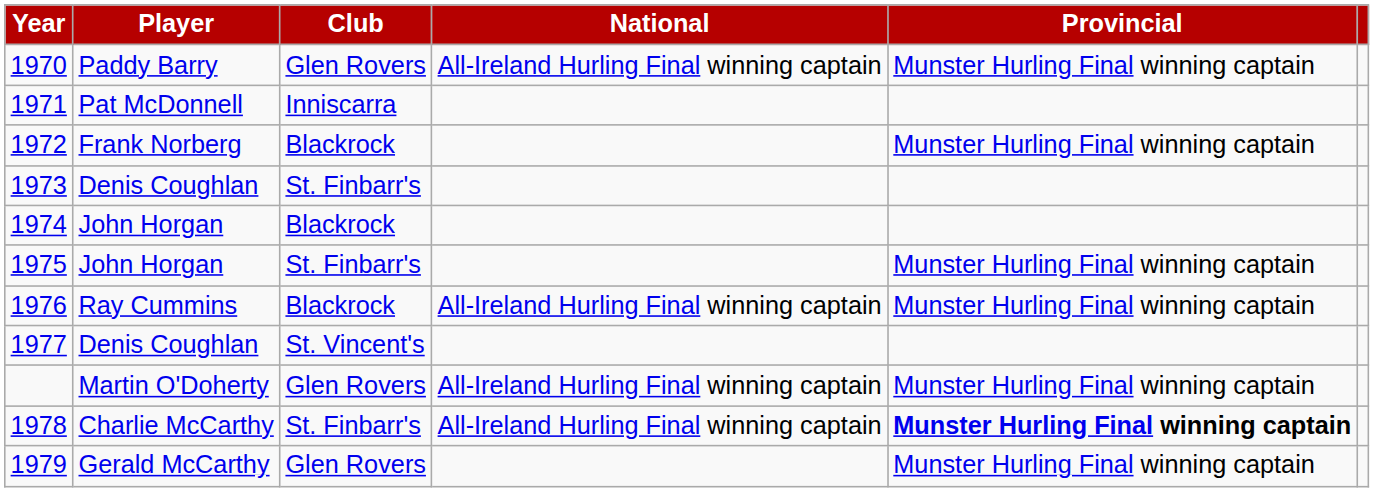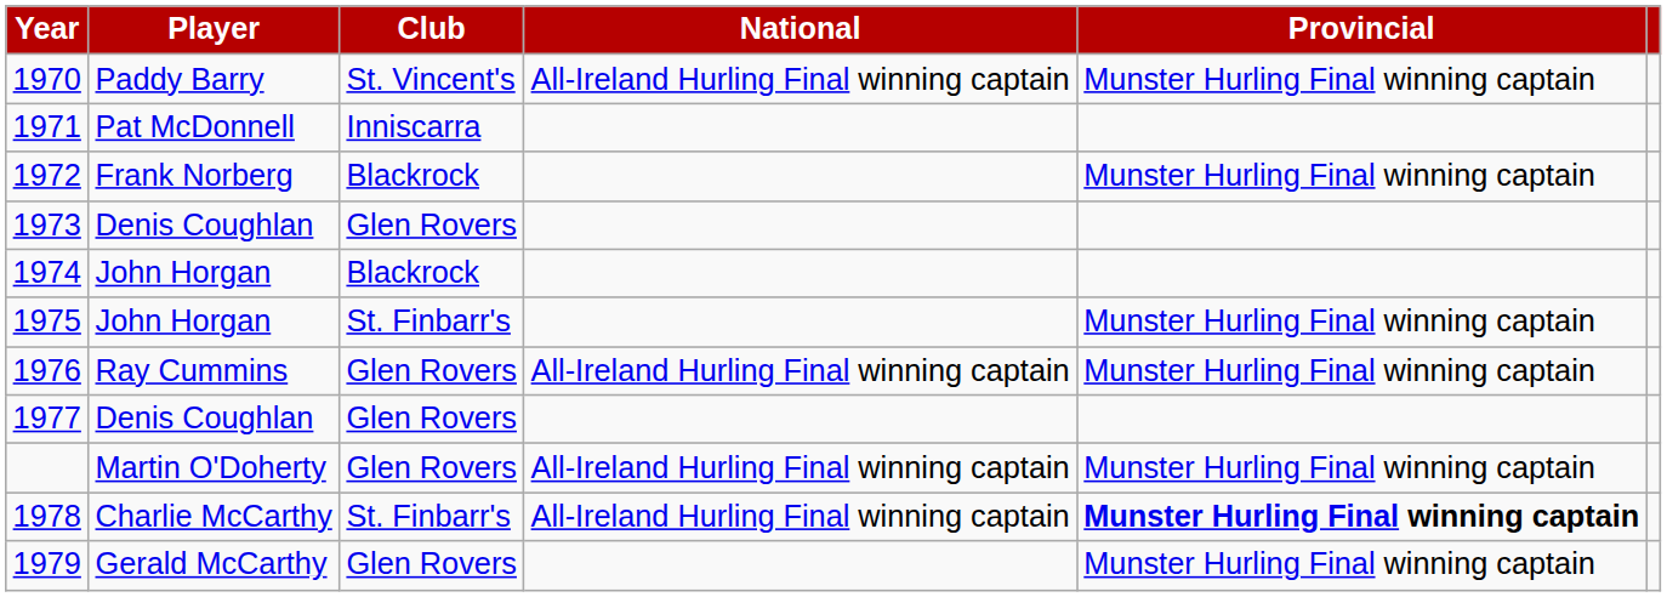 <table class="wikitable">
 <tr style="text-align:center;background:#B60000;color:white">
 <td><strong>Year</strong></td>
 <td><strong>Player</strong></td>
 <td><strong>Club</strong></td>
 <td><strong>National</strong></td>
 <td><strong>Provincial</strong></td>
 <td></td>
 </tr>
 <tr>
 <td style="text-align:left;"><a href='#'>1970</a></td>
 <td style="text-align:left;"><a href='#'>Paddy Barry</a></td>
-<td style="text-align:left;"><a href='#'>Glen Rovers</a></td>
+<td style="text-align:left;"><a href='#'>St. Vincent's</a></td>
 <td style="text-align:left;"><a href='#'>All-Ireland Hurling Final</a> winning captain</td>
 <td style="text-align:left;"><a href='#'>Munster Hurling Final</a> winning captain</td>
 <td></td>
 </tr>
 <tr>
 <td style="text-align:left;"><a href='#'>1971</a></td>
 <td style="text-align:left;"><a href='#'>Pat McDonnell</a></td>
 <td style="text-align:left;"><a href='#'>Inniscarra</a></td>
 <td></td>
 <td></td>
 <td></td>
 </tr>
 <tr>
 <td style="text-align:left;"><a href='#'>1972</a></td>
 <td style="text-align:left;"><a href='#'>Frank Norberg</a></td>
 <td style="text-align:left;"><a href='#'>Blackrock</a></td>
 <td></td>
 <td style="text-align:left;"><a href='#'>Munster Hurling Final</a> winning captain</td>
 <td></td>
 </tr>
 <tr>
 <td style="text-align:left;"><a href='#'>1973</a></td>
 <td style="text-align:left;"><a href='#'>Denis Coughlan</a></td>
-<td style="text-align:left;"><a href='#'>St. Finbarr's</a></td>
+<td style="text-align:left;"><a href='#'>Glen Rovers</a></td>
 <td></td>
 <td></td>
 <td></td>
 </tr>
 <tr>
 <td style="text-align:left;"><a href='#'>1974</a></td>
 <td style="text-align:left;"><a href='#'>John Horgan</a></td>
 <td style="text-align:left;"><a href='#'>Blackrock</a></td>
 <td></td>
 <td></td>
 <td></td>
 </tr>
 <tr>
 <td style="text-align:left;"><a href='#'>1975</a></td>
 <td style="text-align:left;"><a href='#'>John Horgan</a></td>
 <td><a href='#'>St. Finbarr's</a></td>
 <td></td>
 <td style="text-align:left;"><a href='#'>Munster Hurling Final</a> winning captain</td>
 <td></td>
 </tr>
 <tr>
 <td style="text-align:left;"><a href='#'>1976</a></td>
 <td style="text-align:left;"><a href='#'>Ray Cummins</a></td>
-<td style="text-align:left;"><a href='#'>Blackrock</a></td>
+<td style="text-align:left;"><a href='#'>Glen Rovers</a></td>
 <td style="text-align:left;"><a href='#'>All-Ireland Hurling Final</a> winning captain</td>
 <td style="text-align:left;"><a href='#'>Munster Hurling Final</a> winning captain</td>
 <td></td>
 </tr>
 <tr>
 <td style="text-align:left;"><a href='#'>1977</a></td>
 <td style="text-align:left;"><a href='#'>Denis Coughlan</a></td>
-<td style="text-align:left;"><a href='#'>St. Vincent's</a></td>
+<td style="text-align:left;"><a href='#'>Glen Rovers</a></td>
 <td></td>
 <td></td>
 <td></td>
 </tr>
 <tr>
 <td></td>
 <td style="text-align:left;"><a href='#'>Martin O'Doherty</a></td>
 <td style="text-align:left;"><a href='#'>Glen Rovers</a></td>
 <td style="text-align:left;"><a href='#'>All-Ireland Hurling Final</a> winning captain</td>
 <td style="text-align:left;"><a href='#'>Munster Hurling Final</a> winning captain</td>
 <td></td>
 </tr>
 <tr>
 <td style="text-align:left;"><a href='#'>1978</a></td>
 <td style="text-align:left;"><a href='#'>Charlie McCarthy</a></td>
 <td style="text-align:left;"><a href='#'>St. Finbarr's</a></td>
 <td style="text-align:left;"><a href='#'>All-Ireland Hurling Final</a> winning captain</td>
 <td style="text-align:left;"><strong><a href='#'>Munster Hurling Final</a> winning captain</strong></td>
 <td></td>
 </tr>
 <tr>
 <td style="text-align:left;"><a href='#'>1979</a></td>
 <td style="text-align:left;"><a href='#'>Gerald McCarthy</a></td>
 <td style="text-align:left;"><a href='#'>Glen Rovers</a></td>
 <td></td>
 <td style="text-align:left;"><a href='#'>Munster Hurling Final</a> winning captain</td>
 <td></td>
 </tr>
 </table>
